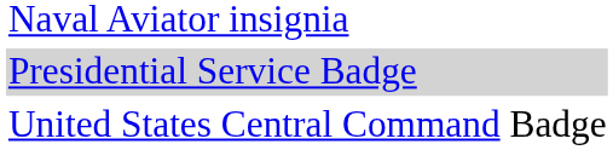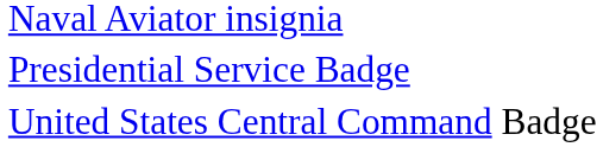 <table>
 <tr>
 <td> <a href='#'>Naval Aviator insignia</a></td>
 </tr>
 <tr>
-<td style="background: lightgrey;"> <a href='#'>Presidential Service Badge</a></td>
+<td> <a href='#'>Presidential Service Badge</a></td>
 </tr>
 <tr>
 <td> <a href='#'>United States Central Command</a> Badge</td>
 </tr>
 </table>
